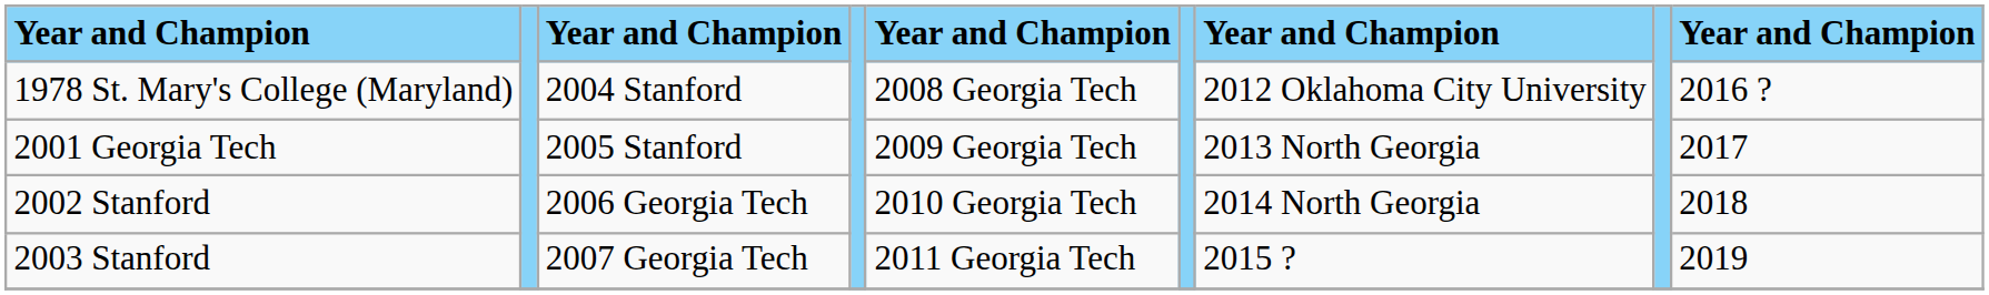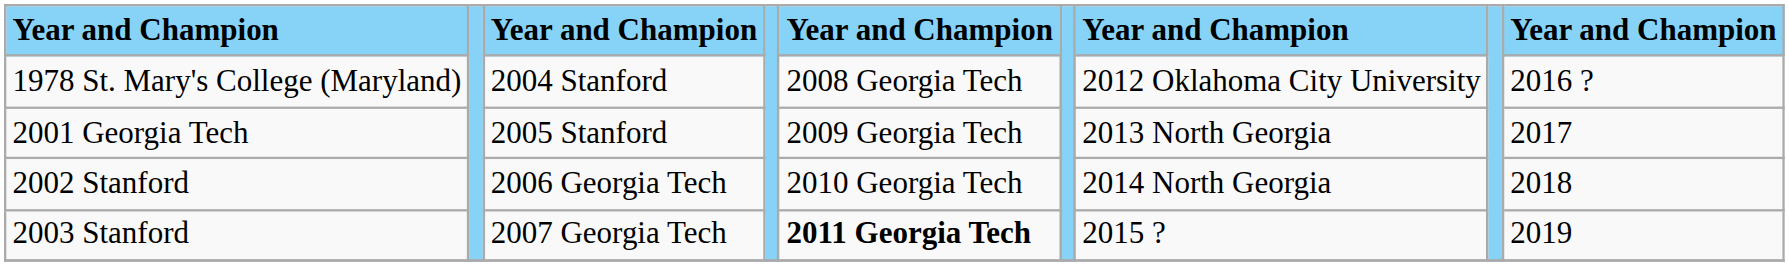 <table class="wikitable" style="font-size:85%;">
 <tr ! style="background-color: #87D3F8;">
 <td><strong>Year and Champion</strong></td>
 <td rowspan=5></td>
 <td><strong>Year and Champion</strong></td>
 <td rowspan=5></td>
 <td><strong>Year and Champion</strong></td>
 <td rowspan=5></td>
 <td><strong>Year and Champion</strong></td>
 <td rowspan=5></td>
 <td><strong>Year and Champion</strong></td>
 </tr>
 <tr --->
 <td>1978 St. Mary's College (Maryland)</td>
 <td>2004 Stanford</td>
 <td>2008 Georgia Tech</td>
 <td>2012 Oklahoma City University</td>
 <td>2016 ?</td>
 </tr>
 <tr --->
 <td>2001 Georgia Tech</td>
 <td>2005 Stanford</td>
 <td>2009 Georgia Tech</td>
 <td>2013 North Georgia</td>
 <td>2017</td>
 </tr>
 <tr --->
 <td>2002 Stanford</td>
 <td>2006 Georgia Tech</td>
 <td>2010 Georgia Tech</td>
 <td>2014 North Georgia</td>
 <td>2018</td>
 </tr>
 <tr --->
 <td>2003 Stanford</td>
 <td>2007 Georgia Tech</td>
-<td>2011 Georgia Tech</td>
+<td><strong>2011 Georgia Tech</strong></td>
 <td>2015 ?</td>
 <td>2019</td>
 </tr>
 <tr --->
 </tr>
 </table>
